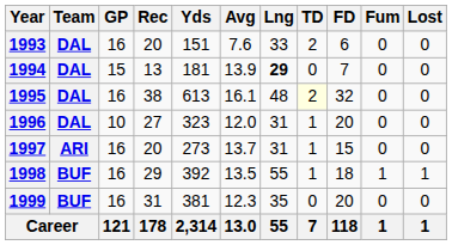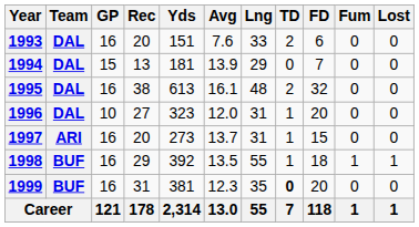 <table class="wikitable" style="text-align: center;">
 <tr>
 <th>Year</th>
 <th>Team</th>
 <th>GP</th>
 <th>Rec</th>
 <th>Yds</th>
 <th>Avg</th>
 <th>Lng</th>
 <th>TD</th>
 <th>FD</th>
 <th>Fum</th>
 <th>Lost</th>
 </tr>
 <tr>
 <th><a href='#'>1993</a></th>
 <th><a href='#'>DAL</a></th>
 <td>16</td>
 <td>20</td>
 <td>151</td>
 <td>7.6</td>
 <td>33</td>
 <td>2</td>
 <td>6</td>
 <td>0</td>
 <td>0</td>
 </tr>
 <tr>
 <th><a href='#'>1994</a></th>
 <th><a href='#'>DAL</a></th>
 <td>15</td>
 <td>13</td>
 <td>181</td>
 <td>13.9</td>
-<td><strong>29</strong></td>
+<td>29</td>
 <td>0</td>
 <td>7</td>
 <td>0</td>
 <td>0</td>
 </tr>
 <tr>
 <th><a href='#'>1995</a></th>
 <th><a href='#'>DAL</a></th>
 <td>16</td>
 <td>38</td>
 <td>613</td>
 <td>16.1</td>
 <td>48</td>
-<td style="background: lightyellow;">2</td>
+<td>2</td>
 <td>32</td>
 <td>0</td>
 <td>0</td>
 </tr>
 <tr>
 <th><a href='#'>1996</a></th>
 <th><a href='#'>DAL</a></th>
 <td>10</td>
 <td>27</td>
 <td>323</td>
 <td>12.0</td>
 <td>31</td>
 <td>1</td>
 <td>20</td>
 <td>0</td>
 <td>0</td>
 </tr>
 <tr>
 <th><a href='#'>1997</a></th>
 <th><a href='#'>ARI</a></th>
 <td>16</td>
 <td>20</td>
 <td>273</td>
 <td>13.7</td>
 <td>31</td>
 <td>1</td>
 <td>15</td>
 <td>0</td>
 <td>0</td>
 </tr>
 <tr>
 <th><a href='#'>1998</a></th>
 <th><a href='#'>BUF</a></th>
 <td>16</td>
 <td>29</td>
 <td>392</td>
 <td>13.5</td>
 <td>55</td>
 <td>1</td>
 <td>18</td>
 <td>1</td>
 <td>1</td>
 </tr>
 <tr>
 <th><a href='#'>1999</a></th>
 <th><a href='#'>BUF</a></th>
 <td>16</td>
 <td>31</td>
 <td>381</td>
 <td>12.3</td>
 <td>35</td>
-<td>0</td>
+<td><strong>0</strong></td>
 <td>20</td>
 <td>0</td>
 <td>0</td>
 </tr>
 <tr>
 <th colspan="2">Career</th>
 <th>121</th>
 <th>178</th>
 <th>2,314</th>
 <th>13.0</th>
 <th>55</th>
 <th>7</th>
 <th>118</th>
 <th>1</th>
 <th>1</th>
 </tr>
 </table>
